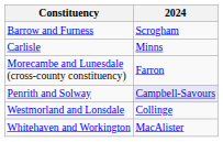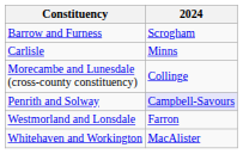 <table class="wikitable">
 <tr>
 <th>Constituency</th>
 <th>2024</th>
 </tr>
 <tr>
 <td><a href='#'>Barrow and Furness</a></td>
 <td><a href='#'>Scrogham</a></td>
 </tr>
 <tr>
 <td><a href='#'>Carlisle</a></td>
 <td><a href='#'>Minns</a></td>
 </tr>
 <tr>
 <td><a href='#'>Morecambe and Lunesdale</a><br> (cross-county constituency)</td>
-<td><a href='#'>Farron</a></td>
+<td><a href='#'>Collinge</a></td>
 </tr>
 <tr>
 <td><a href='#'>Penrith and Solway</a></td>
 <td style="background: lavender;"><a href='#'>Campbell-Savours</a></td>
 </tr>
 <tr>
 <td><a href='#'>Westmorland and Lonsdale</a></td>
-<td><a href='#'>Collinge</a></td>
+<td><a href='#'>Farron</a></td>
 </tr>
 <tr>
 <td><a href='#'>Whitehaven and Workington</a></td>
 <td><a href='#'>MacAlister</a></td>
 </tr>
 </table>
